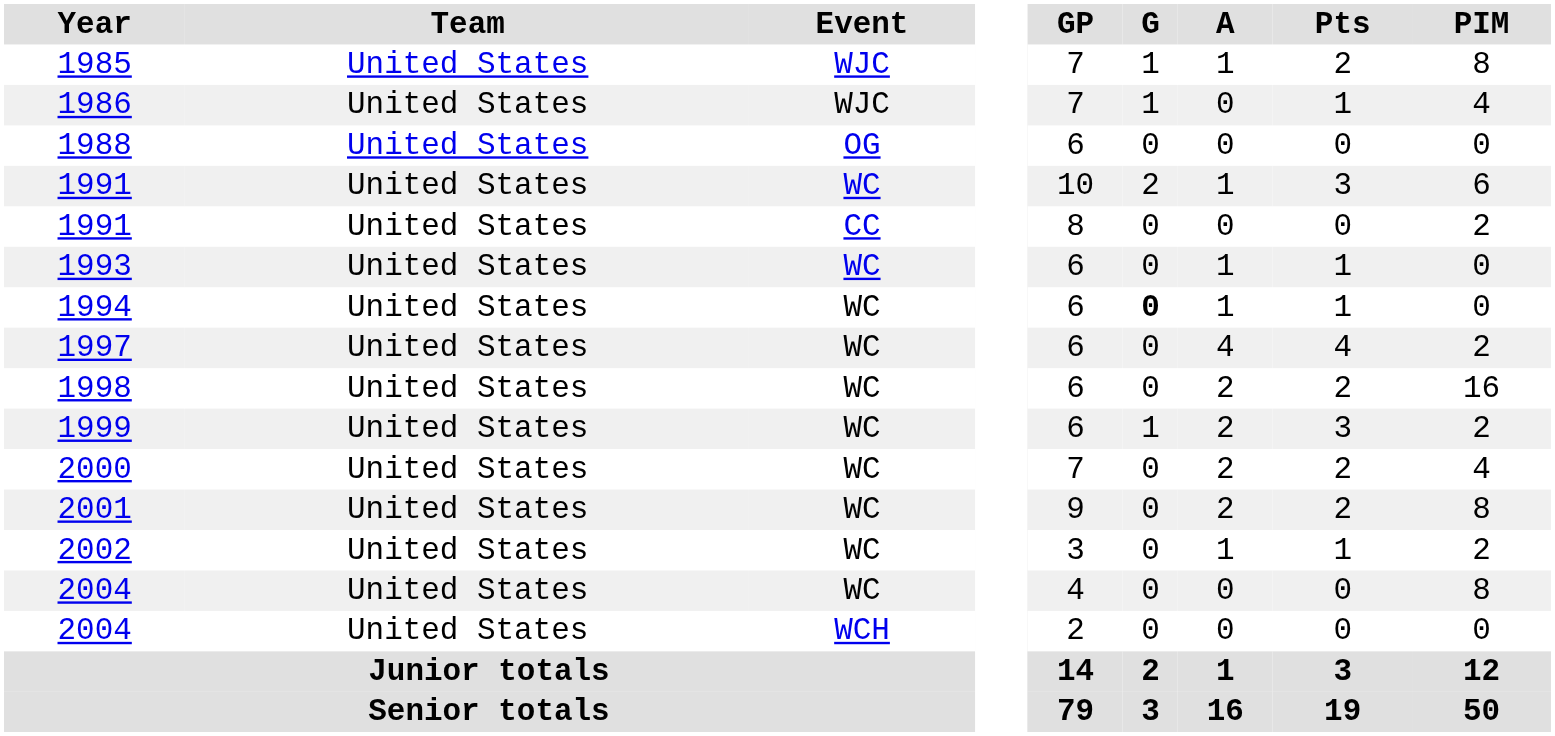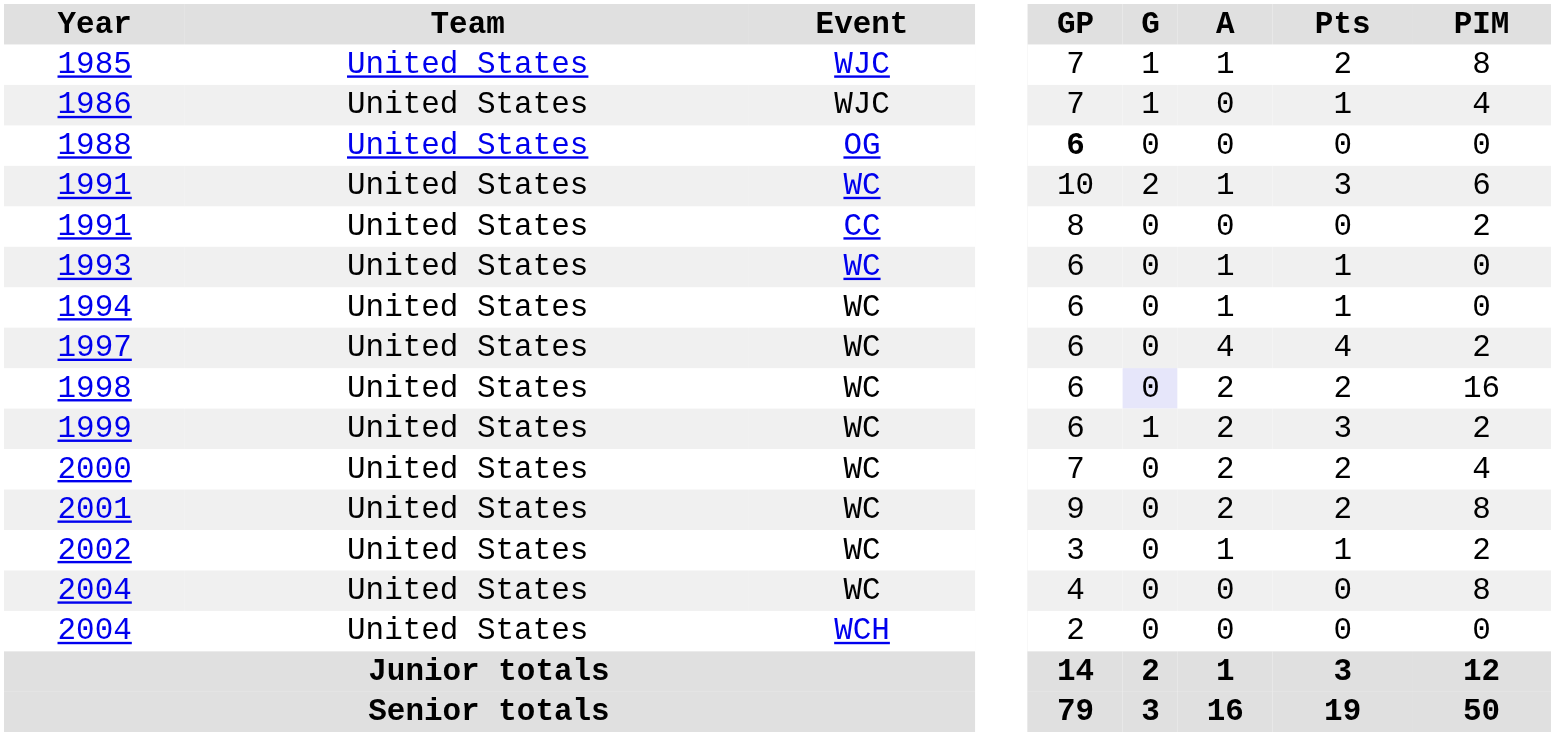 <table border="0" cellpadding="1" cellspacing="0" style="text-align:center; width:50em">
 <tr ALIGN="center" bgcolor="#e0e0e0">
 <th>Year</th>
 <th>Team</th>
 <th>Event</th>
 <th ALIGN="center" rowspan="99" bgcolor="#ffffff"> </th>
 <th>GP</th>
 <th>G</th>
 <th>A</th>
 <th>Pts</th>
 <th>PIM</th>
 </tr>
 <tr>
 <td><a href='#'>1985</a></td>
 <td><a href='#'>United States</a></td>
 <td><a href='#'>WJC</a></td>
 <td>7</td>
 <td>1</td>
 <td>1</td>
 <td>2</td>
 <td>8</td>
 </tr>
 <tr bgcolor="#f0f0f0">
 <td><a href='#'>1986</a></td>
 <td>United States</td>
 <td>WJC</td>
 <td>7</td>
 <td>1</td>
 <td>0</td>
 <td>1</td>
 <td>4</td>
 </tr>
 <tr>
 <td><a href='#'>1988</a></td>
 <td><a href='#'>United States</a></td>
 <td><a href='#'>OG</a></td>
-<td>6</td>
+<td><strong>6</strong></td>
 <td>0</td>
 <td>0</td>
 <td>0</td>
 <td>0</td>
 </tr>
 <tr bgcolor="#f0f0f0">
 <td><a href='#'>1991</a></td>
 <td>United States</td>
 <td><a href='#'>WC</a></td>
 <td>10</td>
 <td>2</td>
 <td>1</td>
 <td>3</td>
 <td>6</td>
 </tr>
 <tr>
 <td><a href='#'>1991</a></td>
 <td>United States</td>
 <td><a href='#'>CC</a></td>
 <td>8</td>
 <td>0</td>
 <td>0</td>
 <td>0</td>
 <td>2</td>
 </tr>
 <tr bgcolor="#f0f0f0">
 <td><a href='#'>1993</a></td>
 <td>United States</td>
 <td><a href='#'>WC</a></td>
 <td>6</td>
 <td>0</td>
 <td>1</td>
 <td>1</td>
 <td>0</td>
 </tr>
 <tr>
 <td><a href='#'>1994</a></td>
 <td>United States</td>
 <td>WC</td>
 <td>6</td>
-<td><strong>0</strong></td>
+<td>0</td>
 <td>1</td>
 <td>1</td>
 <td>0</td>
 </tr>
 <tr bgcolor="#f0f0f0">
 <td><a href='#'>1997</a></td>
 <td>United States</td>
 <td>WC</td>
 <td>6</td>
 <td>0</td>
 <td>4</td>
 <td>4</td>
 <td>2</td>
 </tr>
 <tr>
 <td><a href='#'>1998</a></td>
 <td>United States</td>
 <td>WC</td>
 <td>6</td>
-<td>0</td>
+<td style="background: lavender;">0</td>
 <td>2</td>
 <td>2</td>
 <td>16</td>
 </tr>
 <tr bgcolor="#f0f0f0">
 <td><a href='#'>1999</a></td>
 <td>United States</td>
 <td>WC</td>
 <td>6</td>
 <td>1</td>
 <td>2</td>
 <td>3</td>
 <td>2</td>
 </tr>
 <tr>
 <td><a href='#'>2000</a></td>
 <td>United States</td>
 <td>WC</td>
 <td>7</td>
 <td>0</td>
 <td>2</td>
 <td>2</td>
 <td>4</td>
 </tr>
 <tr bgcolor="#f0f0f0">
 <td><a href='#'>2001</a></td>
 <td>United States</td>
 <td>WC</td>
 <td>9</td>
 <td>0</td>
 <td>2</td>
 <td>2</td>
 <td>8</td>
 </tr>
 <tr>
 <td><a href='#'>2002</a></td>
 <td>United States</td>
 <td>WC</td>
 <td>3</td>
 <td>0</td>
 <td>1</td>
 <td>1</td>
 <td>2</td>
 </tr>
 <tr bgcolor="#f0f0f0">
 <td><a href='#'>2004</a></td>
 <td>United States</td>
 <td>WC</td>
 <td>4</td>
 <td>0</td>
 <td>0</td>
 <td>0</td>
 <td>8</td>
 </tr>
 <tr>
 <td><a href='#'>2004</a></td>
 <td>United States</td>
 <td><a href='#'>WCH</a></td>
 <td>2</td>
 <td>0</td>
 <td>0</td>
 <td>0</td>
 <td>0</td>
 </tr>
 <tr bgcolor="#e0e0e0">
 <th colspan=3>Junior totals</th>
 <th>14</th>
 <th>2</th>
 <th>1</th>
 <th>3</th>
 <th>12</th>
 </tr>
 <tr bgcolor="#e0e0e0">
 <th colspan=3>Senior totals</th>
 <th>79</th>
 <th>3</th>
 <th>16</th>
 <th>19</th>
 <th>50</th>
 </tr>
 </table>
